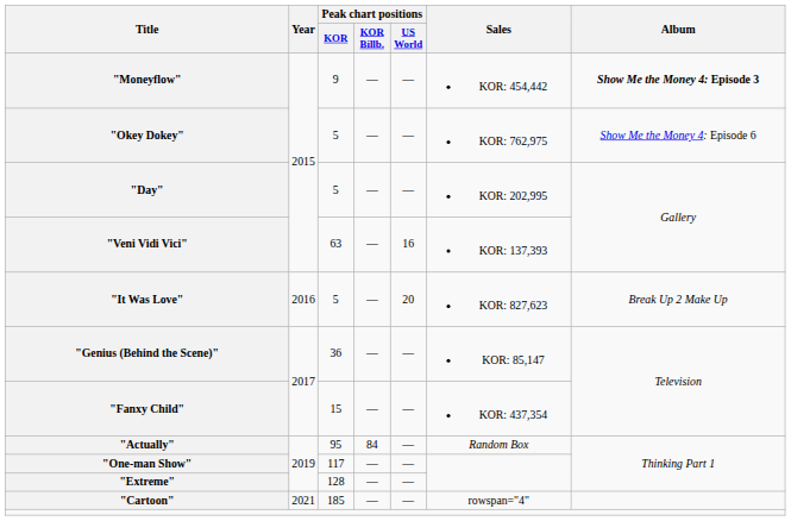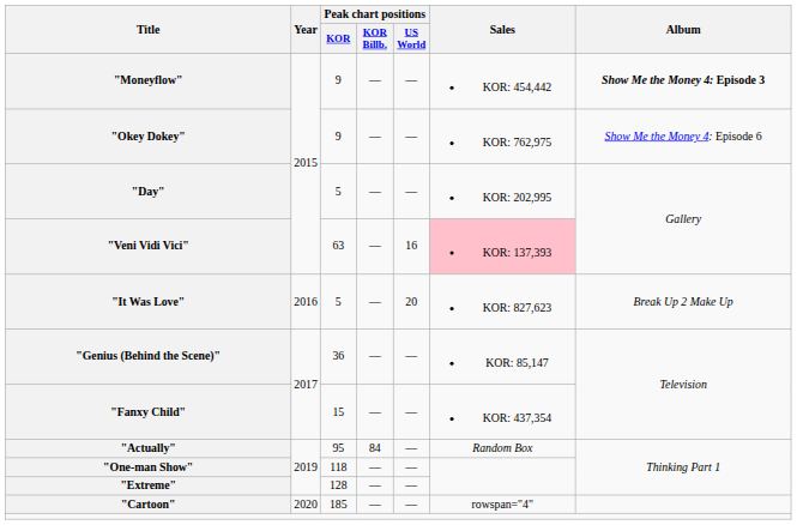 <table class="wikitable plainrowheaders" style="text-align:center;">
 <tr>
 <th scope="col" rowspan="2" style="width:24em;">Title</th>
 <th scope="col" rowspan="2" style="width:1em;">Year</th>
 <th colspan="3" scope="col">Peak chart positions</th>
 <th scope="col" rowspan="2" style="width:12em;">Sales</th>
 <th scope="col" rowspan="2" style="width:18em;">Album</th>
 </tr>
 <tr>
 <th scope="col" style="width:3em;font-size:90%;"><a href='#'>KOR</a><br></th>
 <th scope="col" style="width:3em;font-size:90%;"><a href='#'>KOR<br>Billb.</a><br></th>
 <th scope="col" style="width:3em;font-size:90%;"><a href='#'>US<br>World</a><br></th>
 </tr>
 <tr>
 <th scope="row">"Moneyflow" <br></th>
 <td rowspan="4">2015</td>
 <td>9</td>
 <td>—</td>
 <td>—</td>
 <td><br><ul><li>KOR: 454,442</li></ul></td>
 <td><strong><em>Show Me the Money 4:</em> Episode 3</strong></td>
 </tr>
 <tr>
 <th scope="row">"Okey Dokey" <br></th>
-<td>5</td>
+<td>9</td>
 <td>—</td>
 <td>—</td>
 <td><br><ul><li>KOR: 762,975</li></ul></td>
 <td><em><a href='#'>Show Me the Money 4</a>:</em> Episode 6</td>
 </tr>
 <tr>
 <th scope="row">"Day" <br></th>
 <td>5</td>
 <td>—</td>
 <td>—</td>
 <td><br><ul><li>KOR: 202,995</li></ul></td>
 <td rowspan="2"><em>Gallery</em></td>
 </tr>
 <tr>
 <th scope="row">"Veni Vidi Vici" <br></th>
 <td>63</td>
 <td>—</td>
 <td>16</td>
-<td><br><ul><li>KOR: 137,393</li></ul></td>
+<td style="background: pink;"><br><ul><li>KOR: 137,393</li></ul></td>
 </tr>
 <tr>
 <th scope="row">"It Was Love" <br></th>
 <td>2016</td>
 <td>5</td>
 <td>—</td>
 <td>20</td>
 <td><br><ul><li>KOR: 827,623</li></ul></td>
 <td><em>Break Up 2 Make Up</em></td>
 </tr>
 <tr>
 <th scope="row">"Genius (Behind the Scene)"</th>
 <td rowspan="2">2017</td>
 <td>36</td>
 <td>—</td>
 <td>—</td>
 <td><br><ul><li>KOR: 85,147</li></ul></td>
 <td rowspan="2"><em>Television</em></td>
 </tr>
 <tr>
 <th scope="row">"Fanxy Child"<br></th>
 <td>15</td>
 <td>—</td>
 <td>—</td>
 <td><br><ul><li>KOR: 437,354</li></ul></td>
 </tr>
 <tr>
 <th scope="row">"Actually"</th>
 <td rowspan="3">2019</td>
 <td>95</td>
 <td>84</td>
 <td>—</td>
 <td><em>Random Box</em></td>
 <td rowspan="3"><em>Thinking Part 1</em></td>
 </tr>
 <tr>
 <th scope="row">"One-man Show" <br></th>
-<td>117</td>
+<td>118</td>
 <td>—</td>
 <td>—</td>
 </tr>
 <tr>
 <th scope="row">"Extreme"</th>
 <td>128</td>
 <td>—</td>
 <td>—</td>
 </tr>
 <tr>
 <th scope="row">"Cartoon"</th>
-<td>2021</td>
+<td>2020</td>
 <td>185</td>
 <td>—</td>
 <td>—</td>
 <td>rowspan="4" </td>
 </tr>
 <tr>
 <td colspan="7"></td>
 </tr>
 </table>
